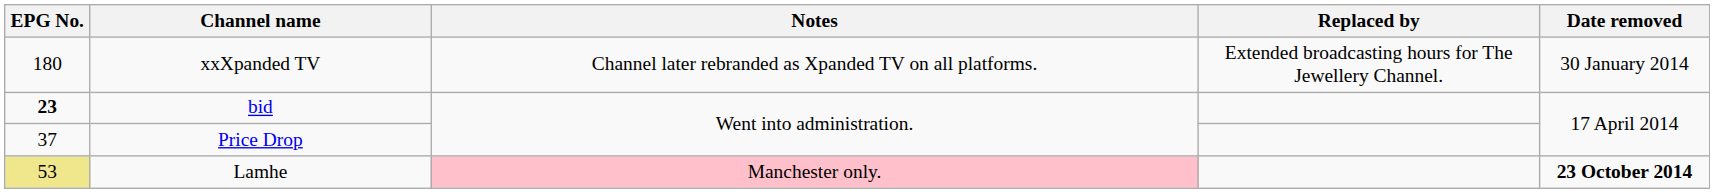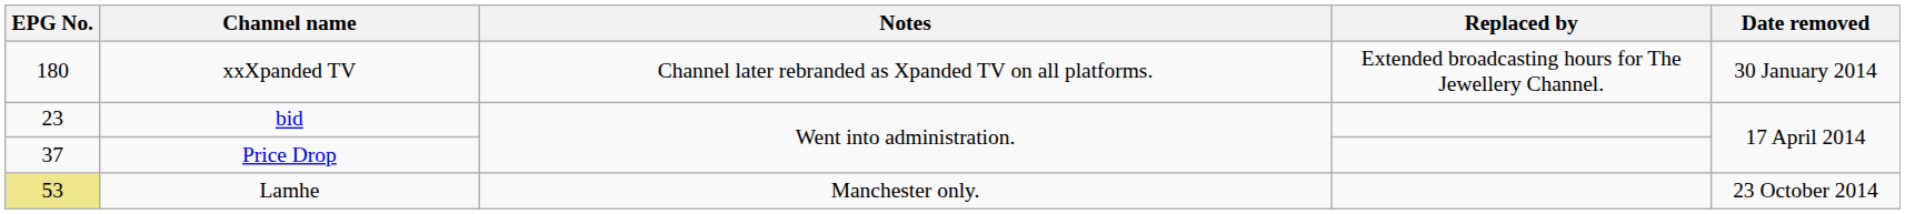 <table class="wikitable sortable" style="font-size:90%; text-align:center; width:100%;">
 <tr>
 <th style="width:5%;">EPG No.</th>
 <th style="width:20%;">Channel name</th>
 <th style="width:45%;">Notes</th>
 <th style="width:20%;">Replaced by</th>
 <th style="width:10%;">Date removed</th>
 </tr>
 <tr>
 <td>180</td>
 <td>xxXpanded TV</td>
 <td>Channel later rebranded as Xpanded TV on all platforms.</td>
 <td>Extended broadcasting hours for The Jewellery Channel.</td>
 <td>30 January 2014</td>
 </tr>
 <tr>
-<td><strong>23</strong></td>
+<td>23</td>
 <td><a href='#'>bid</a></td>
 <td rowspan="2">Went into administration.</td>
 <td></td>
 <td rowspan="2">17 April 2014</td>
 </tr>
 <tr>
 <td>37</td>
 <td><a href='#'>Price Drop</a></td>
 <td></td>
 </tr>
 <tr>
 <td style="background: khaki;">53</td>
 <td>Lamhe</td>
-<td style="background: pink;">Manchester only.</td>
+<td>Manchester only.</td>
 <td></td>
-<td><strong>23 October 2014</strong></td>
+<td>23 October 2014</td>
 </tr>
 </table>
